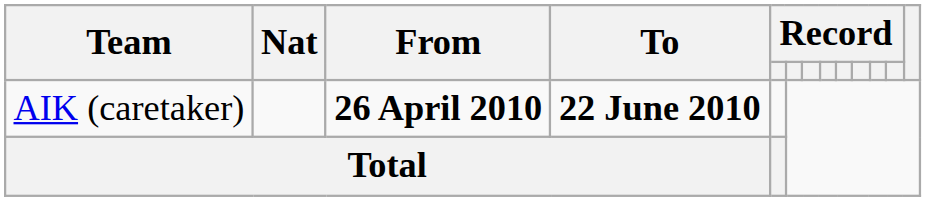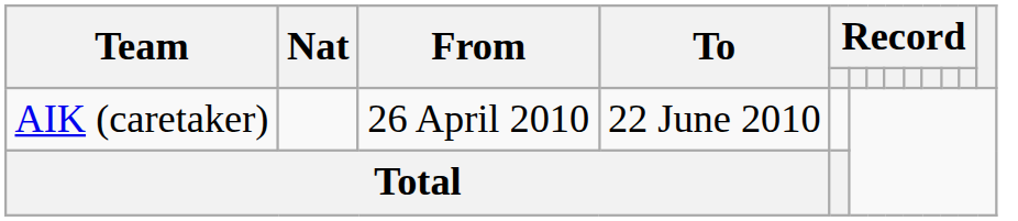 <table class="wikitable" style="text-align:center">
 <tr>
 <th rowspan="2">Team</th>
 <th rowspan="2">Nat</th>
 <th rowspan="2">From</th>
 <th rowspan="2">To</th>
 <th colspan="8">Record</th>
 <th rowspan="2"></th>
 </tr>
 <tr>
 <th></th>
 <th></th>
 <th></th>
 <th></th>
 <th></th>
 <th></th>
 <th></th>
 <th></th>
 </tr>
 <tr>
 <td align=left><a href='#'>AIK</a> (caretaker)</td>
 <td></td>
-<td align="left"><strong>26 April 2010</strong></td>
-<td align=left><strong>22 June 2010<br></strong></td>
+<td align="left">26 April 2010</td>
+<td align=left>22 June 2010<br></td>
 <td></td>
 </tr>
 <tr>
 <th colspan="4">Total<br></th>
 <th></th>
 </tr>
 </table>
